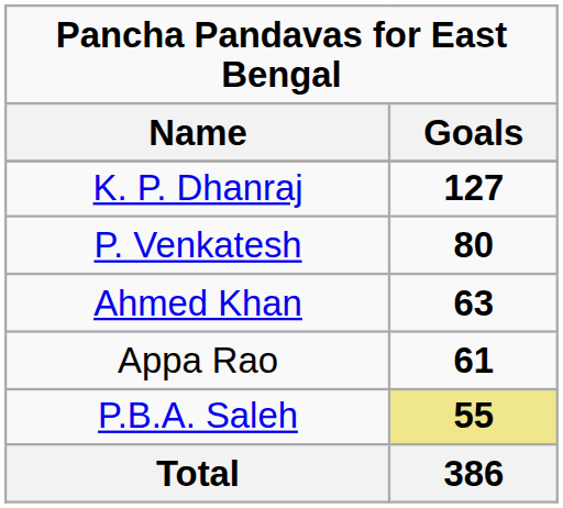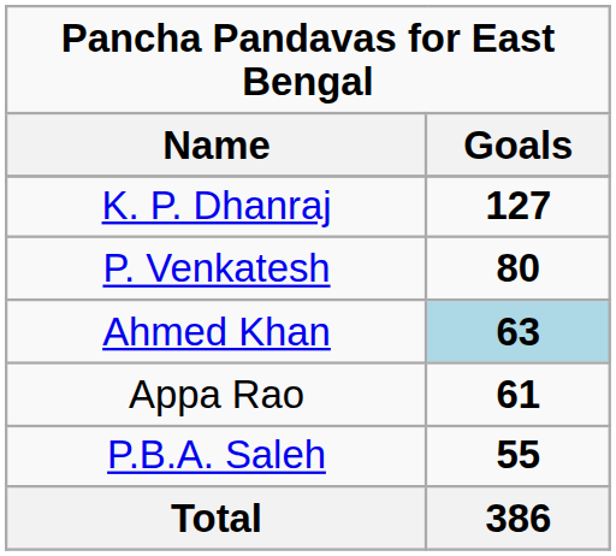 <table class="wikitable" style="font-size:90%; width:25%; text-align:center">
 <tr>
 <td Colspan="2"><strong>Pancha Pandavas for East Bengal</strong></td>
 </tr>
 <tr>
 <th width="20%">Name</th>
 <th width="5%">Goals</th>
 </tr>
 <tr>
 </tr>
 <tr>
 <td><a href='#'>K. P. Dhanraj</a></td>
 <td><strong>127</strong></td>
 </tr>
 <tr>
 <td><a href='#'>P. Venkatesh</a></td>
 <td><strong>80</strong></td>
 </tr>
 <tr>
 <td><a href='#'>Ahmed Khan</a></td>
-<td><strong>63</strong></td>
+<td style="background: lightblue;"><strong>63</strong></td>
 </tr>
 <tr>
 <td>Appa Rao</td>
 <td><strong>61</strong></td>
 </tr>
 <tr>
 <td><a href='#'>P.B.A. Saleh</a></td>
-<td style="background: khaki;"><strong>55</strong></td>
+<td><strong>55</strong></td>
 </tr>
 <tr>
 <th>Total</th>
 <th><strong>386</strong></th>
 </tr>
 </table>
